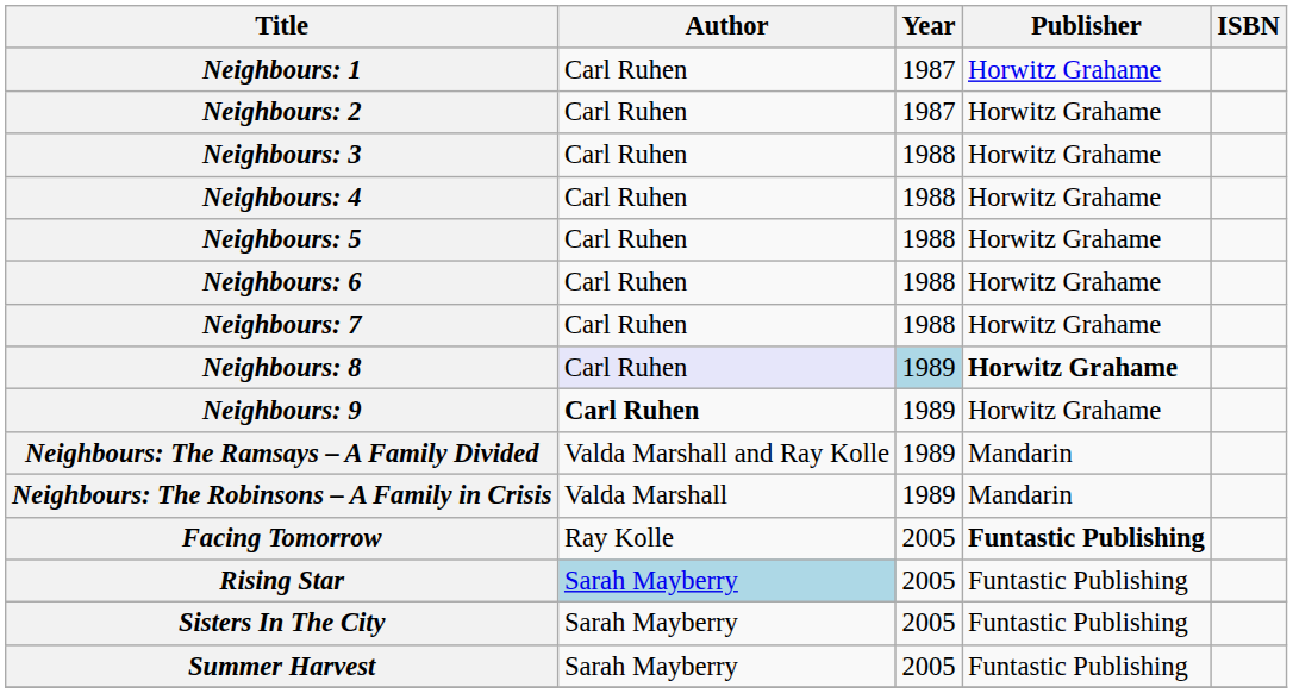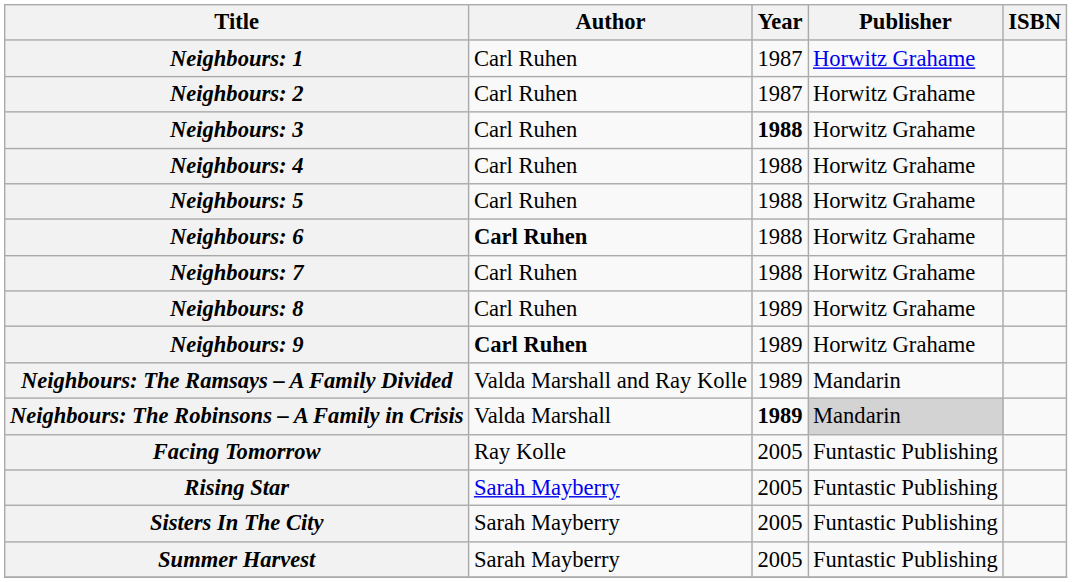 <table class="wikitable unsortable plainrowheaders">
 <tr>
 <th scope="col">Title</th>
 <th scope="col">Author</th>
 <th scope="col">Year</th>
 <th scope="col">Publisher</th>
 <th scope="col">ISBN</th>
 </tr>
 <tr>
 <th scope="row"><em>Neighbours: 1</em></th>
 <td>Carl Ruhen</td>
 <td>1987</td>
 <td><a href='#'>Horwitz Grahame</a></td>
 <td></td>
 </tr>
 <tr>
 <th scope="row"><em>Neighbours: 2</em></th>
 <td>Carl Ruhen</td>
 <td>1987</td>
 <td>Horwitz Grahame</td>
 <td></td>
 </tr>
 <tr>
 <th scope="row"><em>Neighbours: 3</em></th>
 <td>Carl Ruhen</td>
-<td>1988</td>
+<td><strong>1988</strong></td>
 <td>Horwitz Grahame</td>
 <td></td>
 </tr>
 <tr>
 <th scope="row"><em>Neighbours: 4</em></th>
 <td>Carl Ruhen</td>
 <td>1988</td>
 <td>Horwitz Grahame</td>
 <td></td>
 </tr>
 <tr>
 <th scope="row"><em>Neighbours: 5</em></th>
 <td>Carl Ruhen</td>
 <td>1988</td>
 <td>Horwitz Grahame</td>
 <td></td>
 </tr>
 <tr>
 <th scope="row"><em>Neighbours: 6</em></th>
-<td>Carl Ruhen</td>
+<td><strong>Carl Ruhen</strong></td>
 <td>1988</td>
 <td>Horwitz Grahame</td>
 <td></td>
 </tr>
 <tr>
 <th scope="row"><em>Neighbours: 7</em></th>
 <td>Carl Ruhen</td>
 <td>1988</td>
 <td>Horwitz Grahame</td>
 <td></td>
 </tr>
 <tr>
 <th scope="row"><em>Neighbours: 8</em></th>
-<td style="background: lavender;">Carl Ruhen</td>
-<td style="background: lightblue;">1989</td>
-<td><strong>Horwitz Grahame</strong></td>
+<td>Carl Ruhen</td>
+<td>1989</td>
+<td>Horwitz Grahame</td>
 <td></td>
 </tr>
 <tr>
 <th scope="row"><em>Neighbours: 9</em></th>
 <td><strong>Carl Ruhen</strong></td>
 <td>1989</td>
 <td>Horwitz Grahame</td>
 <td></td>
 </tr>
 <tr>
 <th scope="row"><em>Neighbours: The Ramsays – A Family Divided</em></th>
 <td>Valda Marshall and Ray Kolle</td>
 <td>1989</td>
 <td>Mandarin</td>
 <td></td>
 </tr>
 <tr>
 <th scope="row"><em>Neighbours: The Robinsons – A Family in Crisis</em></th>
 <td>Valda Marshall</td>
-<td>1989</td>
-<td>Mandarin</td>
+<td><strong>1989</strong></td>
+<td style="background: lightgrey;">Mandarin</td>
 <td></td>
 </tr>
 <tr>
 <th scope="row"><em>Facing Tomorrow</em></th>
 <td>Ray Kolle</td>
 <td>2005</td>
-<td><strong>Funtastic Publishing</strong></td>
+<td>Funtastic Publishing</td>
 <td></td>
 </tr>
 <tr>
 <th scope="row"><em>Rising Star</em></th>
-<td style="background: lightblue;"><a href='#'>Sarah Mayberry</a></td>
+<td><a href='#'>Sarah Mayberry</a></td>
 <td>2005</td>
 <td>Funtastic Publishing</td>
 <td></td>
 </tr>
 <tr>
 <th scope="row"><em>Sisters In The City</em></th>
 <td>Sarah Mayberry</td>
 <td>2005</td>
 <td>Funtastic Publishing</td>
 <td></td>
 </tr>
 <tr>
 <th scope="row"><em>Summer Harvest</em></th>
 <td>Sarah Mayberry</td>
 <td>2005</td>
 <td>Funtastic Publishing</td>
 <td></td>
 </tr>
 <tr>
 </tr>
 </table>
